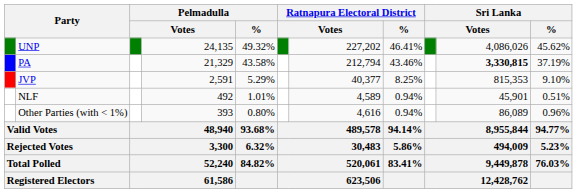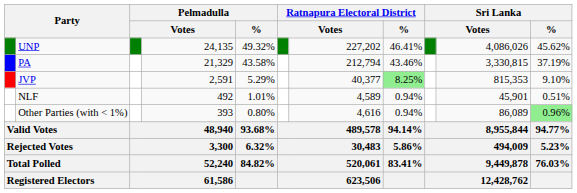 <table class="wikitable">
 <tr>
 <th colspan="2" width="144px"rowspan="2">Party</th>
 <th colspan="3" width="216px">Pelmadulla</th>
 <th colspan="3" width="216px"><a href='#'>Ratnapura Electoral District</a></th>
 <th colspan="3" width="216px">Sri Lanka</th>
 </tr>
 <tr>
 <th colspan="2" width="144px">Votes</th>
 <th>%</th>
 <th colspan="2" width="144px">Votes</th>
 <th>%</th>
 <th colspan="2" width="144px">Votes</th>
 <th>%</th>
 </tr>
 <tr>
 <td style="background-color:green;" width="10px"></td>
 <td style="text-align:left;"><a href='#'>UNP</a></td>
 <td style="background-color:green;" width="10px"></td>
 <td style="text-align:right;">24,135</td>
 <td style="text-align:right;">49.32%</td>
 <td style="background-color:green;" width="10px"></td>
 <td style="text-align:right;">227,202</td>
 <td style="text-align:right;">46.41%</td>
 <td style="background-color:green;" width="10px"></td>
 <td style="text-align:right;">4,086,026</td>
 <td style="text-align:right;">45.62%</td>
 </tr>
 <tr>
 <td style="background-color:blue;" width="10px"></td>
 <td style="text-align:left;"><a href='#'>PA</a></td>
 <td style="background-color:white;" width="10px"></td>
 <td style="text-align:right;">21,329</td>
 <td style="text-align:right;">43.58%</td>
 <td style="background-color:white;" width="10px"></td>
 <td style="text-align:right;">212,794</td>
 <td style="text-align:right;">43.46%</td>
 <td style="background-color:white;" width="10px"></td>
-<td style="text-align:right;"><strong>3,330,815</strong></td>
+<td style="text-align:right;">3,330,815</td>
 <td style="text-align:right;">37.19%</td>
 </tr>
 <tr>
 <td style="background-color:red;" width="10px"></td>
 <td style="text-align:left;"><a href='#'>JVP</a></td>
 <td style="background-color:white;" width="10px"></td>
 <td style="text-align:right;">2,591</td>
 <td style="text-align:right;">5.29%</td>
 <td style="background-color:white;" width="10px"></td>
 <td style="text-align:right;">40,377</td>
-<td style="text-align:right;">8.25%</td>
+<td style="background: lightgreen; text-align:right;">8.25%</td>
 <td style="background-color:white;" width="10px"></td>
 <td style="text-align:right;">815,353</td>
 <td style="text-align:right;">9.10%</td>
 </tr>
 <tr>
 <td style="background-color:white;" width="10px"></td>
 <td style="text-align:left;">NLF</td>
 <td style="background-color:white;" width="10px"></td>
 <td style="text-align:right;">492</td>
 <td style="text-align:right;">1.01%</td>
 <td style="background-color:white;" width="10px"></td>
 <td style="text-align:right;">4,589</td>
 <td style="text-align:right;">0.94%</td>
 <td style="background-color:white;" width="10px"></td>
 <td style="text-align:right;">45,901</td>
 <td style="text-align:right;">0.51%</td>
 </tr>
 <tr>
 <td style="background-color:white;" width="10px"></td>
 <td style="text-align:left;">Other Parties (with < 1%)</td>
 <td style="background-color:white;" width="10px"></td>
 <td style="text-align:right;">393</td>
 <td style="text-align:right;">0.80%</td>
 <td style="background-color:white;" width="10px"></td>
 <td style="text-align:right;">4,616</td>
 <td style="text-align:right;">0.94%</td>
 <td style="background-color:white;" width="10px"></td>
 <td style="text-align:right;">86,089</td>
-<td style="text-align:right;">0.96%</td>
+<td style="background: lightgreen; text-align:right;">0.96%</td>
 </tr>
 <tr>
 <th colspan="2" width="144px"style="text-align:left;">Valid Votes</th>
 <th style="text-align:right;"colspan="2" width="144px">48,940</th>
 <th style="text-align:right;">93.68%</th>
 <th style="text-align:right;"colspan="2" width="144px">489,578</th>
 <th style="text-align:right;">94.14%</th>
 <th style="text-align:right;"colspan="2" width="144px">8,955,844</th>
 <th style="text-align:right;">94.77%</th>
 </tr>
 <tr>
 <th colspan="2" width="144px"style="text-align:left;">Rejected Votes</th>
 <th style="text-align:right;"colspan="2" width="144px">3,300</th>
 <th style="text-align:right;">6.32%</th>
 <th style="text-align:right;"colspan="2" width="144px">30,483</th>
 <th style="text-align:right;">5.86%</th>
 <th style="text-align:right;"colspan="2" width="144px">494,009</th>
 <th style="text-align:right;">5.23%</th>
 </tr>
 <tr>
 <th colspan="2" width="144px"style="text-align:left;">Total Polled</th>
 <th style="text-align:right;"colspan="2" width="144px">52,240</th>
 <th style="text-align:right;">84.82%</th>
 <th style="text-align:right;"colspan="2" width="144px">520,061</th>
 <th style="text-align:right;">83.41%</th>
 <th style="text-align:right;"colspan="2" width="144px">9,449,878</th>
 <th style="text-align:right;">76.03%</th>
 </tr>
 <tr>
 <th colspan="2" width="144px"style="text-align:left;">Registered Electors</th>
 <th style="text-align:right;"colspan="2" width="144px">61,586</th>
 <th></th>
 <th style="text-align:right;"colspan="2" width="144px">623,506</th>
 <th></th>
 <th style="text-align:right;"colspan="2" width="144px">12,428,762</th>
 <th></th>
 </tr>
 </table>
